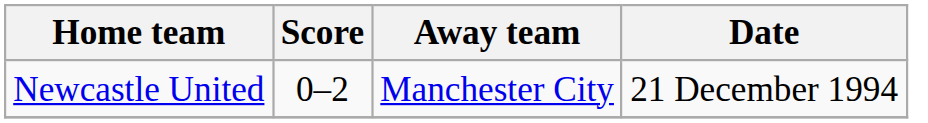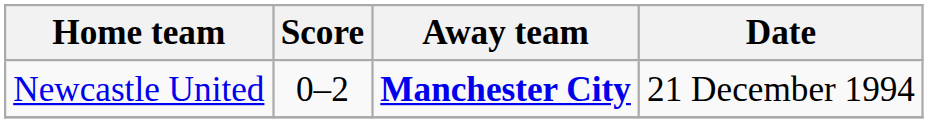 <table class="wikitable" style="text-align: center">
 <tr>
 <th>Home team</th>
 <th>Score</th>
 <th>Away team</th>
 <th>Date</th>
 </tr>
 <tr>
 <td><a href='#'>Newcastle United</a></td>
 <td>0–2</td>
-<td><a href='#'>Manchester City</a></td>
+<td><strong><a href='#'>Manchester City</a></strong></td>
 <td>21 December 1994</td>
 </tr>
 <tr>
 </tr>
 </table>
